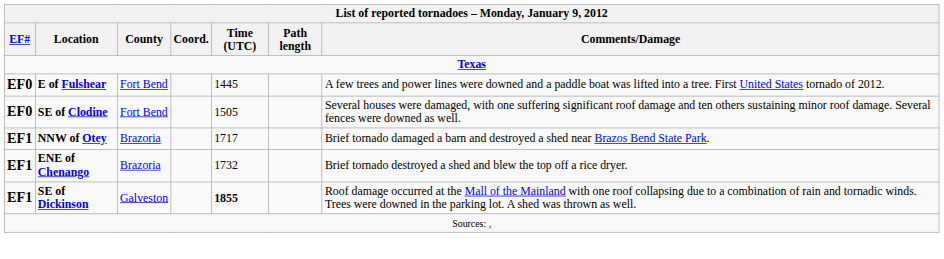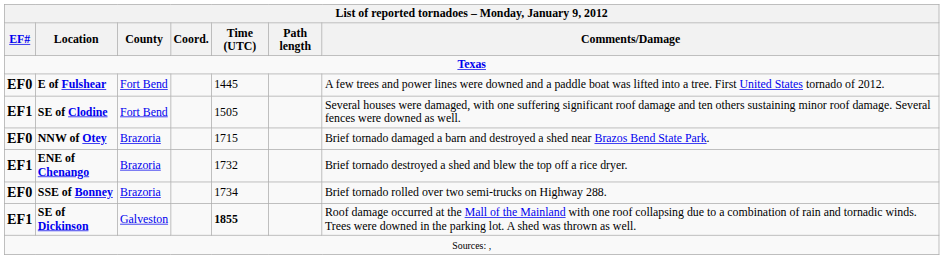 <table class="wikitable collapsible" style="width:100%;">
 <tr>
 <th colspan="7">List of reported tornadoes – Monday, January 9, 2012</th>
 </tr>
 <tr>
 <th><a href='#'>EF#</a></th>
 <th>Location</th>
 <th>County</th>
 <th>Coord.</th>
 <th>Time (UTC)</th>
 <th>Path length</th>
 <th>Comments/Damage</th>
 </tr>
 <tr>
 <td colspan="7" style="text-align:center;"><strong><a href='#'>Texas</a></strong></td>
 </tr>
 <tr>
 <td><big><strong>EF0</strong></big></td>
 <td><strong>E of <a href='#'>Fulshear</a></strong></td>
 <td><a href='#'>Fort Bend</a></td>
 <td></td>
 <td>1445</td>
 <td></td>
 <td>A few trees and power lines were downed and a paddle boat was lifted into a tree. First <a href='#'>United States</a> tornado of 2012.</td>
 </tr>
 <tr>
-<td><big><strong>EF0</strong></big></td>
+<td><big><strong>EF1</strong></big></td>
 <td><strong>SE of <a href='#'>Clodine</a></strong></td>
 <td><a href='#'>Fort Bend</a></td>
 <td></td>
 <td>1505</td>
 <td></td>
 <td>Several houses were damaged, with one suffering significant roof damage and ten others sustaining minor roof damage. Several fences were downed as well.</td>
 </tr>
 <tr>
-<td><big><strong>EF1</strong></big></td>
+<td><big><strong>EF0</strong></big></td>
 <td><strong>NNW of <a href='#'>Otey</a></strong></td>
 <td><a href='#'>Brazoria</a></td>
 <td></td>
-<td>1717</td>
+<td>1715</td>
 <td></td>
 <td>Brief tornado damaged a barn and destroyed a shed near <a href='#'>Brazos Bend State Park</a>.</td>
 </tr>
 <tr>
 <td><big><strong>EF1</strong></big></td>
 <td><strong>ENE of <a href='#'>Chenango</a></strong></td>
 <td><a href='#'>Brazoria</a></td>
 <td></td>
 <td>1732</td>
 <td></td>
 <td>Brief tornado destroyed a shed and blew the top off a rice dryer.</td>
+</tr>
+<tr>
+<td><big><strong>EF0</strong></big></td>
+<td><strong>SSE of <a href='#'>Bonney</a></strong></td>
+<td><a href='#'>Brazoria</a></td>
+<td></td>
+<td>1734</td>
+<td></td>
+<td>Brief tornado rolled over two semi-trucks on Highway 288.</td>
 </tr>
 <tr>
 <td><big><strong>EF1</strong></big></td>
 <td><strong>SE of <a href='#'>Dickinson</a></strong></td>
 <td><a href='#'>Galveston</a></td>
 <td></td>
 <td><strong>1855</strong></td>
 <td></td>
 <td>Roof damage occurred at the <a href='#'>Mall of the Mainland</a> with one roof collapsing due to a combination of rain and tornadic winds. Trees were downed in the parking lot. A shed was thrown as well.</td>
 </tr>
 <tr>
 <td colspan="7" style="text-align:center;"><small>Sources: , </small></td>
 </tr>
 </table>
